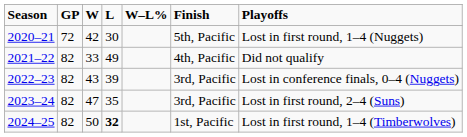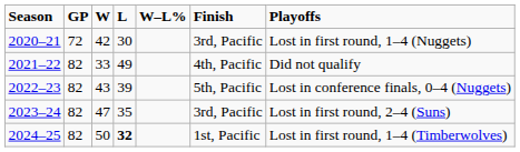 <table class="wikitable">
 <tr style="font-weight:bold; ">
 <td>Season</td>
 <td>GP</td>
 <td>W</td>
 <td>L</td>
 <td>W–L%</td>
 <td>Finish</td>
 <td>Playoffs</td>
 </tr>
 <tr>
 <td><a href='#'>2020–21</a></td>
 <td>72</td>
 <td>42</td>
 <td>30</td>
 <td></td>
-<td>5th, Pacific</td>
+<td>3rd, Pacific</td>
 <td>Lost in first round, 1–4 (Nuggets)</td>
 </tr>
 <tr>
 <td><a href='#'>2021–22</a></td>
 <td>82</td>
 <td>33</td>
 <td>49</td>
 <td></td>
 <td>4th, Pacific</td>
 <td>Did not qualify</td>
 </tr>
 <tr>
 <td><a href='#'>2022–23</a></td>
 <td>82</td>
 <td>43</td>
 <td>39</td>
 <td></td>
-<td>3rd, Pacific</td>
+<td>5th, Pacific</td>
 <td>Lost in conference finals, 0–4 (<a href='#'>Nuggets</a>)</td>
 </tr>
 <tr>
 <td><a href='#'>2023–24</a></td>
 <td>82</td>
 <td>47</td>
 <td>35</td>
 <td></td>
 <td>3rd, Pacific</td>
 <td>Lost in first round, 2–4 (<a href='#'>Suns</a>)</td>
 </tr>
 <tr>
 <td><a href='#'>2024–25</a></td>
 <td>82</td>
 <td>50</td>
 <td><strong>32</strong></td>
 <td></td>
 <td>1st, Pacific</td>
 <td>Lost in first round, 1–4 (<a href='#'>Timberwolves</a>)</td>
 </tr>
 </table>
